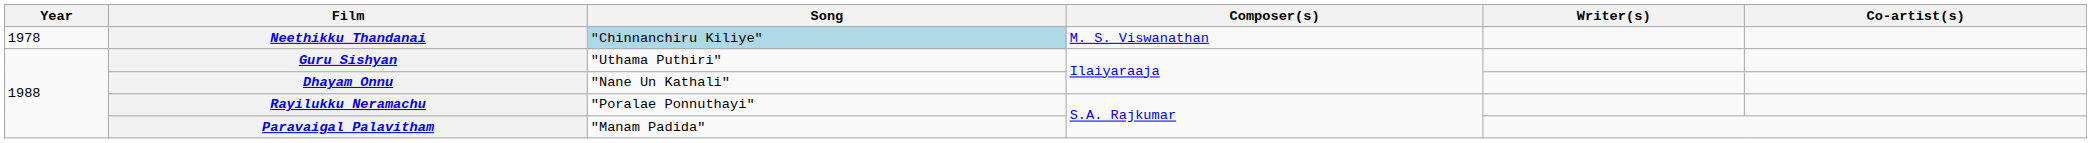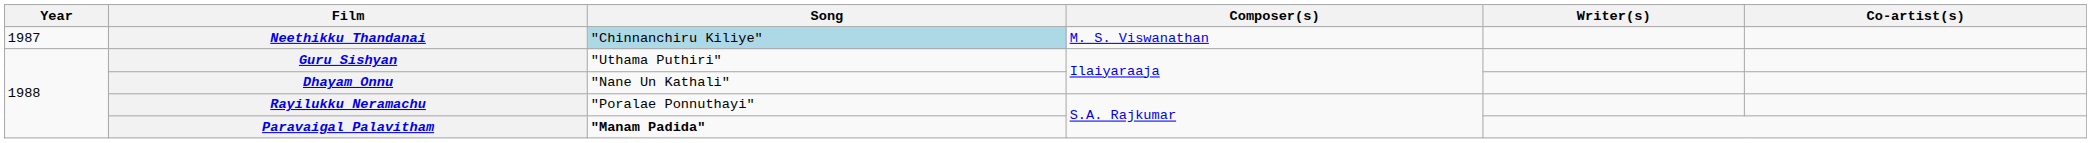 <table class="wikitable plainrowheaders" width="100%" textcolor:#000;">
 <tr style="background:#b0e0e66;">
 <th scope="col" width=5%>Year</th>
 <th scope="col" width=23%>Film</th>
 <th scope="col" width=23%>Song</th>
 <th scope="col" width=20%>Composer(s)</th>
 <th>Writer(s)</th>
 <th>Co-artist(s)</th>
 </tr>
 <tr>
-<td>1978</td>
+<td>1987</td>
 <th><em><a href='#'>Neethikku Thandanai</a></em></th>
 <td style="background: lightblue;">"Chinnanchiru Kiliye"</td>
 <td><a href='#'>M. S. Viswanathan</a></td>
 <td></td>
 <td></td>
 </tr>
 <tr>
 <td rowspan="4">1988</td>
 <th><em><a href='#'>Guru Sishyan</a></em></th>
 <td>"Uthama Puthiri"</td>
 <td rowspan="2"><a href='#'>Ilaiyaraaja</a></td>
 <td></td>
 <td></td>
 </tr>
 <tr>
 <th><em><a href='#'>Dhayam Onnu</a></em></th>
 <td>"Nane Un Kathali"</td>
 <td></td>
 <td></td>
 </tr>
 <tr>
 <th><em><a href='#'>Rayilukku Neramachu</a></em></th>
 <td>"Poralae Ponnuthayi"</td>
 <td rowspan="2"><a href='#'>S.A. Rajkumar</a></td>
 <td></td>
 <td></td>
 </tr>
 <tr>
 <th><em><a href='#'>Paravaigal Palavitham</a></em></th>
-<td>"Manam Padida"</td>
+<td><strong>"Manam Padida"</strong></td>
 </tr>
 </table>
